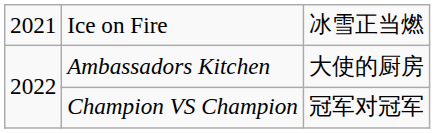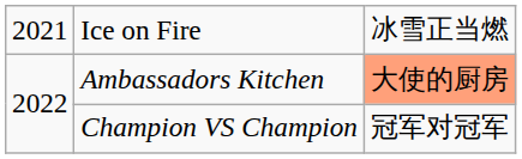 <table class="wikitable sortable">
 <tr>
 <td>2021</td>
 <td>Ice on Fire</td>
 <td>冰雪正当燃</td>
 </tr>
 <tr>
 <td rowspan="2">2022</td>
 <td><em>Ambassadors Kitchen</em></td>
-<td>大使的厨房</td>
+<td style="background: lightsalmon;">大使的厨房</td>
 </tr>
 <tr>
 <td><em>Champion VS Champion</em></td>
 <td>冠军对冠军</td>
 </tr>
 </table>
